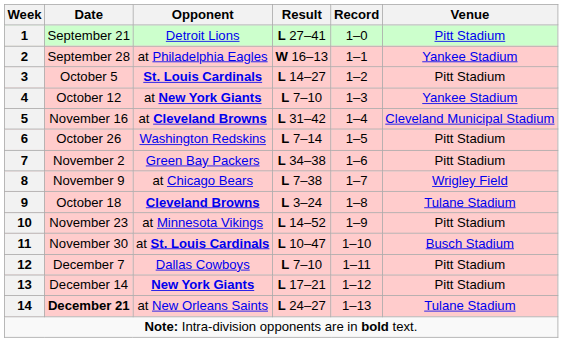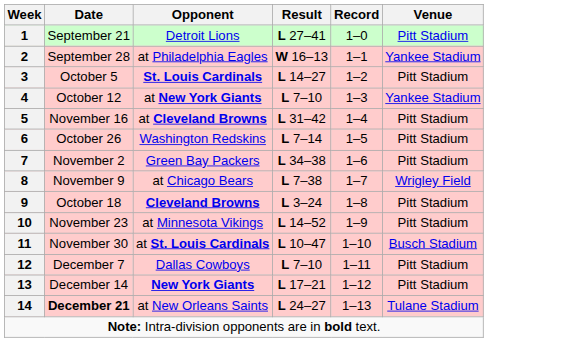 <table class="wikitable" style="text-align:center">
 <tr>
 <th>Week</th>
 <th>Date</th>
 <th>Opponent</th>
 <th>Result</th>
 <th>Record</th>
 <th>Venue</th>
 </tr>
 <tr style="background:#cfc">
 <th>1</th>
 <td>September 21</td>
 <td><a href='#'>Detroit Lions</a></td>
 <td><strong>L</strong> 27–41</td>
 <td>1–0</td>
 <td><a href='#'>Pitt Stadium</a></td>
 </tr>
 <tr style="background:#fcc">
 <th>2</th>
 <td>September 28</td>
 <td>at <a href='#'>Philadelphia Eagles</a></td>
 <td><strong>W</strong> 16–13</td>
 <td>1–1</td>
 <td><a href='#'>Yankee Stadium</a></td>
 </tr>
 <tr style="background:#fcc">
 <th>3</th>
 <td>October 5</td>
 <td><strong><a href='#'>St. Louis Cardinals</a></strong></td>
 <td><strong>L</strong> 14–27</td>
 <td>1–2</td>
 <td>Pitt Stadium</td>
 </tr>
 <tr style="background:#fcc">
 <th>4</th>
 <td>October 12</td>
 <td>at <strong><a href='#'>New York Giants</a></strong></td>
 <td><strong>L</strong> 7–10</td>
 <td>1–3</td>
 <td><a href='#'>Yankee Stadium</a></td>
 </tr>
 <tr style="background:#fcc">
 <th>5</th>
 <td>November 16</td>
 <td>at <strong><a href='#'>Cleveland Browns</a></strong></td>
 <td><strong>L</strong> 31–42</td>
 <td>1–4</td>
-<td><a href='#'>Cleveland Municipal Stadium</a></td>
+<td>Pitt Stadium</td>
 </tr>
 <tr style="background:#fcc">
 <th>6</th>
 <td>October 26</td>
 <td><a href='#'>Washington Redskins</a></td>
 <td><strong>L</strong> 7–14</td>
 <td>1–5</td>
 <td>Pitt Stadium</td>
 </tr>
 <tr style="background:#fcc">
 <th>7</th>
 <td>November 2</td>
 <td><a href='#'>Green Bay Packers</a></td>
 <td><strong>L</strong> 34–38</td>
 <td>1–6</td>
 <td>Pitt Stadium</td>
 </tr>
 <tr style="background:#fcc">
 <th>8</th>
 <td>November 9</td>
 <td>at <a href='#'>Chicago Bears</a></td>
 <td><strong>L</strong> 7–38</td>
 <td>1–7</td>
 <td><a href='#'>Wrigley Field</a></td>
 </tr>
 <tr style="background:#fcc">
 <th>9</th>
 <td>October 18</td>
 <td><strong><a href='#'>Cleveland Browns</a></strong></td>
 <td><strong>L</strong> 3–24</td>
 <td>1–8</td>
-<td><a href='#'>Tulane Stadium</a></td>
+<td>Pitt Stadium</td>
 </tr>
 <tr style="background:#fcc">
 <th>10</th>
 <td>November 23</td>
 <td>at <a href='#'>Minnesota Vikings</a></td>
 <td><strong>L</strong> 14–52</td>
 <td>1–9</td>
 <td>Pitt Stadium</td>
 </tr>
 <tr style="background:#fcc">
 <th>11</th>
 <td>November 30</td>
 <td>at <strong><a href='#'>St. Louis Cardinals</a></strong></td>
 <td><strong>L</strong> 10–47</td>
 <td>1–10</td>
 <td><a href='#'>Busch Stadium</a></td>
 </tr>
 <tr style="background:#fcc">
 <th>12</th>
 <td>December 7</td>
 <td><a href='#'>Dallas Cowboys</a></td>
 <td><strong>L</strong> 7–10</td>
 <td>1–11</td>
 <td>Pitt Stadium</td>
 </tr>
 <tr style="background:#fcc">
 <th>13</th>
 <td>December 14</td>
 <td><strong><a href='#'>New York Giants</a></strong></td>
 <td><strong>L</strong> 17–21</td>
 <td>1–12</td>
 <td>Pitt Stadium</td>
 </tr>
 <tr style="background:#fcc">
 <th>14</th>
 <td><strong>December 21</strong></td>
 <td>at <a href='#'>New Orleans Saints</a></td>
 <td><strong>L</strong> 24–27</td>
 <td>1–13</td>
 <td><a href='#'>Tulane Stadium</a></td>
 </tr>
 <tr>
 <td colspan="8"><strong>Note:</strong> Intra-division opponents are in <strong>bold</strong> text.</td>
 </tr>
 </table>
